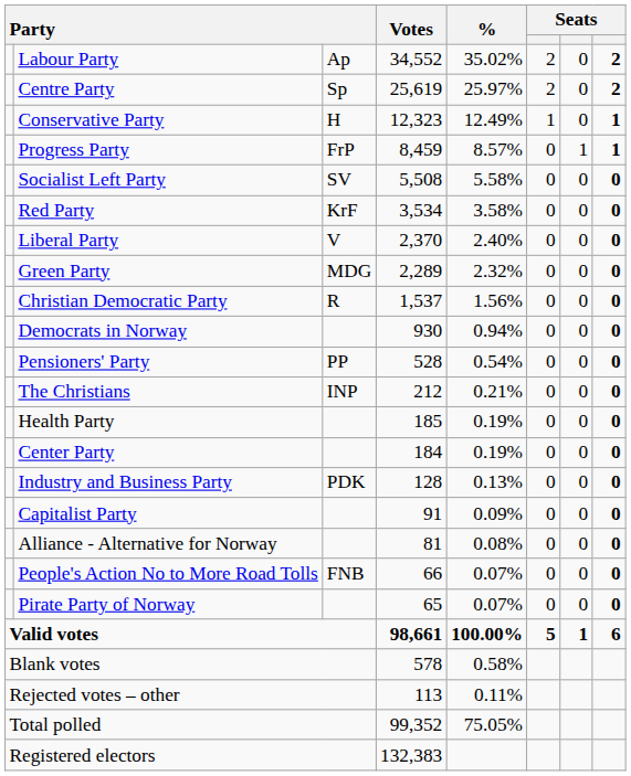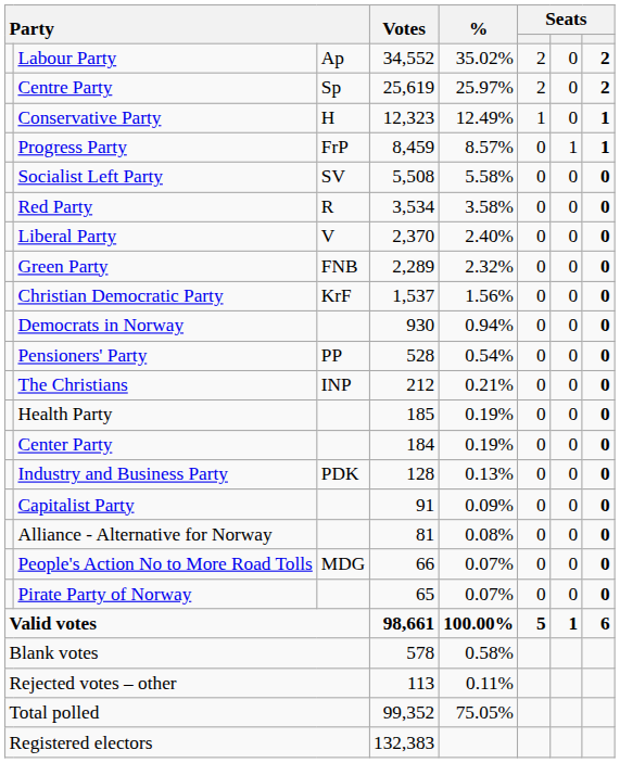 <table class="wikitable" border="1" style="text-align:right;">
 <tr>
 <th style="text-align:left;" valign=bottom rowspan=2 colspan=3>Party</th>
 <th align=center valign=bottom rowspan=2 width="50">Votes</th>
 <th align=center valign=bottom rowspan=2 width="50">%</th>
 <th colspan=3>Seats</th>
 </tr>
 <tr>
 <th align=center valign=bottom width="20"><small></small></th>
 <th align=center valign=bottom width="20"><small><a href='#'></a></small></th>
 <th align=center valign=bottom width="20"><small></small></th>
 </tr>
 <tr>
 <td style="color:inherit;background:"></td>
 <td align=left><a href='#'>Labour Party</a></td>
 <td align=left>Ap</td>
 <td>34,552</td>
 <td>35.02%</td>
 <td>2</td>
 <td>0</td>
 <td><strong>2</strong></td>
 </tr>
 <tr>
 <td style="color:inherit;background:"></td>
 <td align=left><a href='#'>Centre Party</a></td>
 <td align=left>Sp</td>
 <td>25,619</td>
 <td>25.97%</td>
 <td>2</td>
 <td>0</td>
 <td><strong>2</strong></td>
 </tr>
 <tr>
 <td style="color:inherit;background:"></td>
 <td align=left><a href='#'>Conservative Party</a></td>
 <td align=left>H</td>
 <td>12,323</td>
 <td>12.49%</td>
 <td>1</td>
 <td>0</td>
 <td><strong>1</strong></td>
 </tr>
 <tr>
 <td style="color:inherit;background:"></td>
 <td align=left><a href='#'>Progress Party</a></td>
 <td align=left>FrP</td>
 <td>8,459</td>
 <td>8.57%</td>
 <td>0</td>
 <td>1</td>
 <td><strong>1</strong></td>
 </tr>
 <tr>
 <td style="color:inherit;background:"></td>
 <td align=left><a href='#'>Socialist Left Party</a></td>
 <td align=left>SV</td>
 <td>5,508</td>
 <td>5.58%</td>
 <td>0</td>
 <td>0</td>
 <td><strong>0</strong></td>
 </tr>
 <tr>
 <td style="color:inherit;background:"></td>
 <td align=left><a href='#'>Red Party</a></td>
-<td align=left>KrF</td>
+<td align=left>R</td>
 <td>3,534</td>
 <td>3.58%</td>
 <td>0</td>
 <td>0</td>
 <td><strong>0</strong></td>
 </tr>
 <tr>
 <td style="color:inherit;background:"></td>
 <td align=left><a href='#'>Liberal Party</a></td>
 <td align=left>V</td>
 <td>2,370</td>
 <td>2.40%</td>
 <td>0</td>
 <td>0</td>
 <td><strong>0</strong></td>
 </tr>
 <tr>
 <td style="color:inherit;background:"></td>
 <td align=left><a href='#'>Green Party</a></td>
-<td align=left>MDG</td>
+<td align=left>FNB</td>
 <td>2,289</td>
 <td>2.32%</td>
 <td>0</td>
 <td>0</td>
 <td><strong>0</strong></td>
 </tr>
 <tr>
 <td style="color:inherit;background:"></td>
 <td align=left><a href='#'>Christian Democratic Party</a></td>
-<td align=left>R</td>
+<td align=left>KrF</td>
 <td>1,537</td>
 <td>1.56%</td>
 <td>0</td>
 <td>0</td>
 <td><strong>0</strong></td>
 </tr>
 <tr>
 <td style="color:inherit;background:"></td>
 <td align=left><a href='#'>Democrats in Norway</a></td>
 <td align=left></td>
 <td>930</td>
 <td>0.94%</td>
 <td>0</td>
 <td>0</td>
 <td><strong>0</strong></td>
 </tr>
 <tr>
 <td style="color:inherit;background:"></td>
 <td align=left><a href='#'>Pensioners' Party</a></td>
 <td align=left>PP</td>
 <td>528</td>
 <td>0.54%</td>
 <td>0</td>
 <td>0</td>
 <td><strong>0</strong></td>
 </tr>
 <tr>
 <td style="color:inherit;background:"></td>
 <td align=left><a href='#'>The Christians</a></td>
 <td align=left>INP</td>
 <td>212</td>
 <td>0.21%</td>
 <td>0</td>
 <td>0</td>
 <td><strong>0</strong></td>
 </tr>
 <tr>
 <td></td>
 <td align=left>Health Party</td>
 <td align=left></td>
 <td>185</td>
 <td>0.19%</td>
 <td>0</td>
 <td>0</td>
 <td><strong>0</strong></td>
 </tr>
 <tr>
 <td style="color:inherit;background:"></td>
 <td align=left><a href='#'>Center Party</a></td>
 <td align=left></td>
 <td>184</td>
 <td>0.19%</td>
 <td>0</td>
 <td>0</td>
 <td><strong>0</strong></td>
 </tr>
 <tr>
 <td style="color:inherit;background:"></td>
 <td align=left><a href='#'>Industry and Business Party</a></td>
 <td align=left>PDK</td>
 <td>128</td>
 <td>0.13%</td>
 <td>0</td>
 <td>0</td>
 <td><strong>0</strong></td>
 </tr>
 <tr>
 <td style="color:inherit;background:"></td>
 <td align=left><a href='#'>Capitalist Party</a></td>
 <td align=left></td>
 <td>91</td>
 <td>0.09%</td>
 <td>0</td>
 <td>0</td>
 <td><strong>0</strong></td>
 </tr>
 <tr>
 <td></td>
 <td align=left>Alliance - Alternative for Norway</td>
 <td align=left></td>
 <td>81</td>
 <td>0.08%</td>
 <td>0</td>
 <td>0</td>
 <td><strong>0</strong></td>
 </tr>
 <tr>
 <td style="color:inherit;background:"></td>
 <td align=left><a href='#'>People's Action No to More Road Tolls</a></td>
-<td align=left>FNB</td>
+<td align=left>MDG</td>
 <td>66</td>
 <td>0.07%</td>
 <td>0</td>
 <td>0</td>
 <td><strong>0</strong></td>
 </tr>
 <tr>
 <td style="color:inherit;background:"></td>
 <td align=left><a href='#'>Pirate Party of Norway</a></td>
 <td align=left></td>
 <td>65</td>
 <td>0.07%</td>
 <td>0</td>
 <td>0</td>
 <td><strong>0</strong></td>
 </tr>
 <tr style="font-weight:bold">
 <td align=left colspan=3>Valid votes</td>
 <td>98,661</td>
 <td>100.00%</td>
 <td>5</td>
 <td>1</td>
 <td>6</td>
 </tr>
 <tr>
 <td align=left colspan=3>Blank votes</td>
 <td>578</td>
 <td>0.58%</td>
 <td></td>
 <td></td>
 <td></td>
 </tr>
 <tr>
 <td align=left colspan=3>Rejected votes – other</td>
 <td>113</td>
 <td>0.11%</td>
 <td></td>
 <td></td>
 <td></td>
 </tr>
 <tr>
 <td align=left colspan=3>Total polled</td>
 <td>99,352</td>
 <td>75.05%</td>
 <td></td>
 <td></td>
 <td></td>
 </tr>
 <tr>
 <td align=left colspan=3>Registered electors</td>
 <td>132,383</td>
 <td></td>
 <td></td>
 <td></td>
 <td></td>
 </tr>
 </table>
